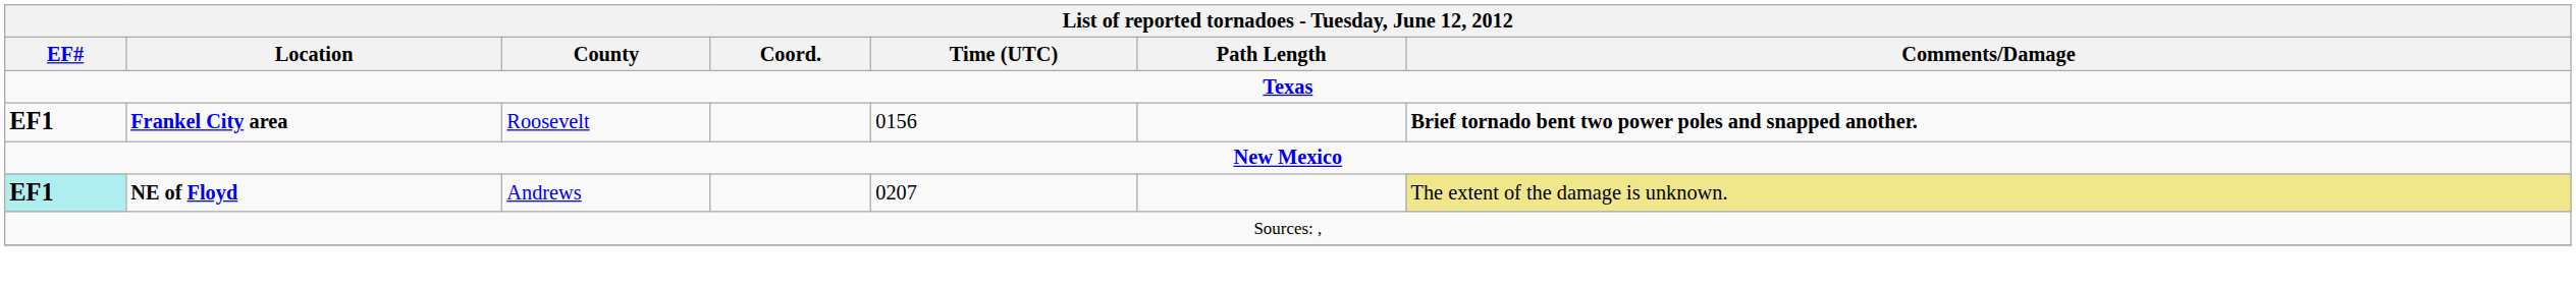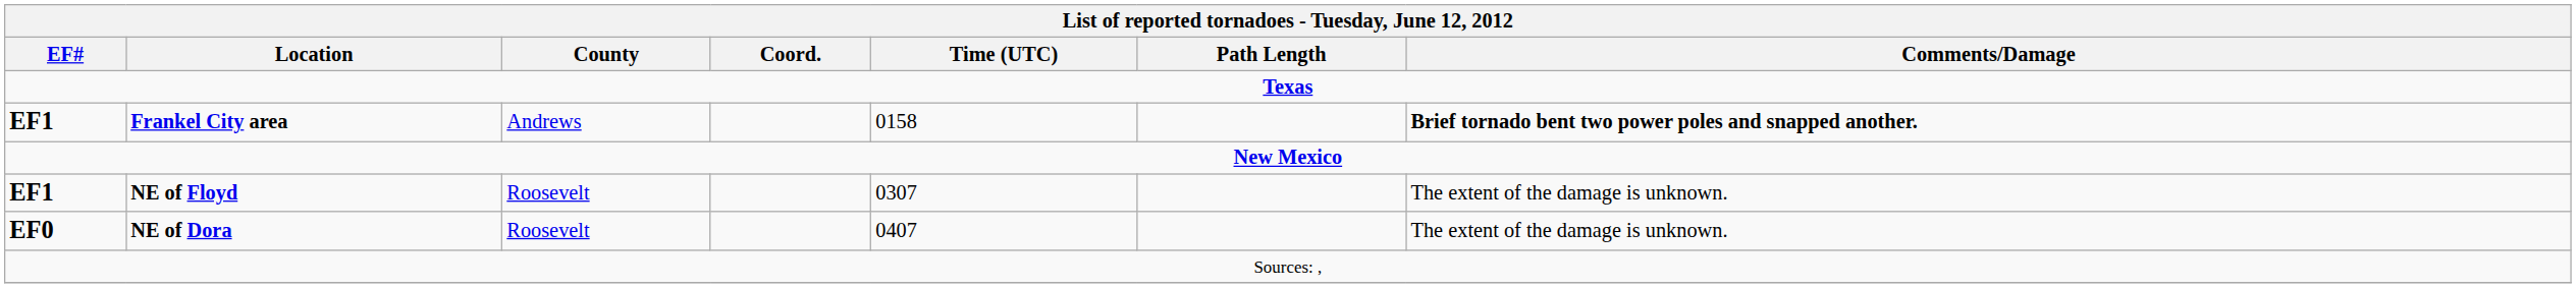 <table class="wikitable collapsible" width="100%">
 <tr>
 <th colspan="7">List of reported tornadoes - Tuesday, June 12, 2012</th>
 </tr>
 <tr>
 <th><a href='#'>EF#</a></th>
 <th>Location</th>
 <th>County</th>
 <th>Coord.</th>
 <th>Time (UTC)</th>
 <th>Path Length</th>
 <th>Comments/Damage</th>
 </tr>
 <tr>
 <td colspan="7" align=center><strong><a href='#'>Texas</a></strong></td>
 </tr>
 <tr>
 <td><big><strong>EF1</strong></big></td>
 <td><strong><a href='#'>Frankel City</a> area</strong></td>
-<td><a href='#'>Roosevelt</a></td>
+<td><a href='#'>Andrews</a></td>
 <td></td>
-<td>0156</td>
+<td>0158</td>
 <td></td>
 <td><strong>Brief tornado bent two power poles and snapped another.</strong></td>
 </tr>
 <tr>
 <td colspan="7" align=center><strong><a href='#'>New Mexico</a></strong></td>
 </tr>
 <tr>
-<td style="background: paleturquoise;"><big><strong>EF1</strong></big></td>
+<td><big><strong>EF1</strong></big></td>
 <td><strong>NE of <a href='#'>Floyd</a></strong></td>
-<td><a href='#'>Andrews</a></td>
+<td><a href='#'>Roosevelt</a></td>
 <td></td>
-<td>0207</td>
+<td>0307</td>
 <td></td>
-<td style="background: khaki;">The extent of the damage is unknown.</td>
+<td>The extent of the damage is unknown.</td>
+</tr>
+<tr>
+<td><big><strong>EF0</strong></big></td>
+<td><strong>NE of <a href='#'>Dora</a></strong></td>
+<td><a href='#'>Roosevelt</a></td>
+<td></td>
+<td>0407</td>
+<td></td>
+<td>The extent of the damage is unknown.</td>
 </tr>
 <tr>
 <td colspan="7" align=center><small>Sources: , </small></td>
 </tr>
 <tr>
 </tr>
 </table>
